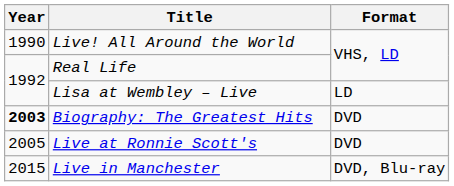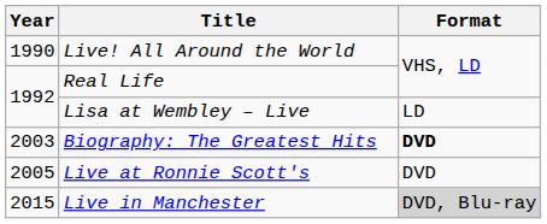 <table class="wikitable">
 <tr>
 <th>Year</th>
 <th style="width:230px;">Title</th>
 <th>Format</th>
 </tr>
 <tr>
 <td>1990</td>
 <td><em>Live! All Around the World</em></td>
 <td rowspan="2">VHS, <a href='#'>LD</a></td>
 </tr>
 <tr>
 <td rowspan="2">1992</td>
 <td><em>Real Life</em></td>
 </tr>
 <tr>
 <td><em>Lisa at Wembley – Live</em></td>
 <td>LD</td>
 </tr>
 <tr>
-<td><strong>2003</strong></td>
+<td>2003</td>
 <td><em><a href='#'>Biography: The Greatest Hits</a></em></td>
-<td>DVD</td>
+<td><strong>DVD</strong></td>
 </tr>
 <tr>
 <td>2005</td>
 <td><em><a href='#'>Live at Ronnie Scott's</a></em></td>
 <td>DVD</td>
 </tr>
 <tr>
 <td>2015</td>
 <td><em><a href='#'>Live in Manchester</a></em></td>
-<td>DVD, Blu-ray</td>
+<td style="background: lightgrey;">DVD, Blu-ray</td>
 </tr>
 </table>
